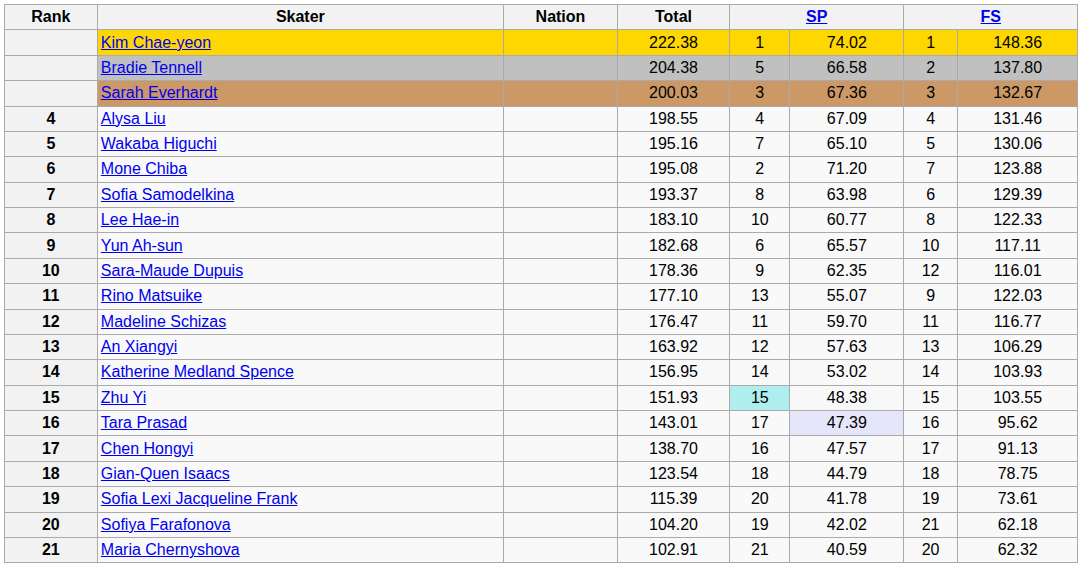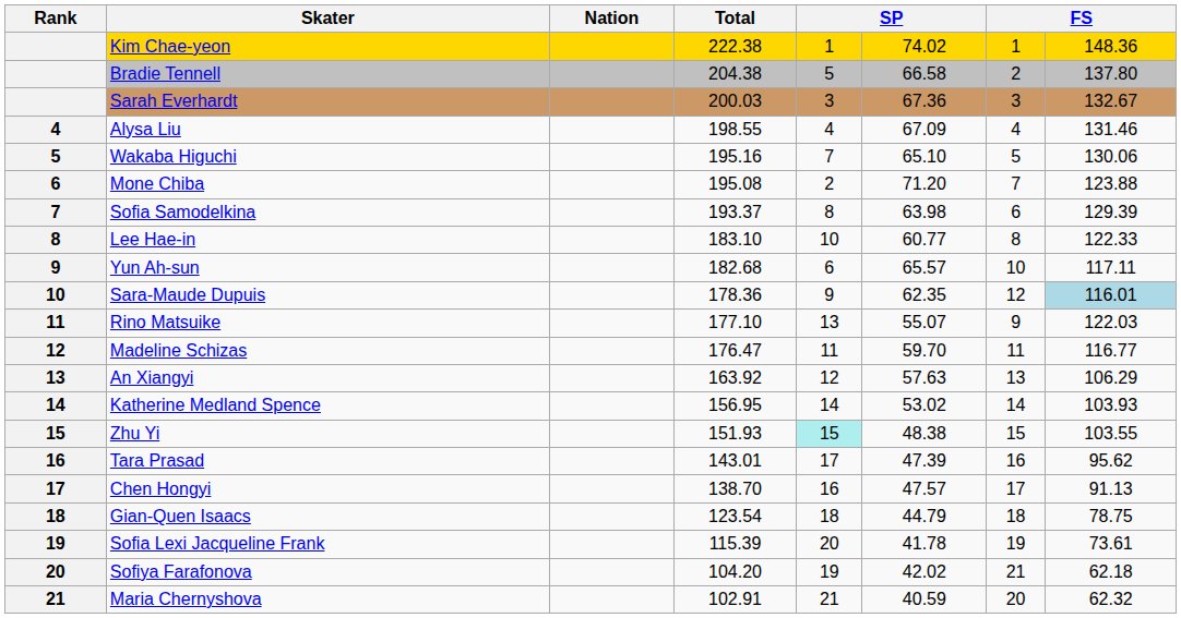 <table class="wikitable sortable" style="text-align:center; width:85%">
 <tr>
 <th scope="col">Rank</th>
 <th scope="col">Skater</th>
 <th scope="col">Nation</th>
 <th scope="col">Total</th>
 <th scope="col" colspan="2" width="80px"><a href='#'>SP</a></th>
 <th scope="col" colspan="2" width="80px"><a href='#'>FS</a></th>
 </tr>
 <tr bgcolor="gold">
 <th scope="row"></th>
 <td align="left"><a href='#'>Kim Chae-yeon</a></td>
 <td align="left"></td>
 <td>222.38</td>
 <td>1</td>
 <td>74.02</td>
 <td>1</td>
 <td>148.36</td>
 </tr>
 <tr bgcolor="silver">
 <th scope="row"></th>
 <td align="left"><a href='#'>Bradie Tennell</a></td>
 <td align="left"></td>
 <td>204.38</td>
 <td>5</td>
 <td>66.58</td>
 <td>2</td>
 <td>137.80</td>
 </tr>
 <tr bgcolor="#cc9966">
 <th scope="row"></th>
 <td align="left"><a href='#'>Sarah Everhardt</a></td>
 <td align="left"></td>
 <td>200.03</td>
 <td>3</td>
 <td>67.36</td>
 <td>3</td>
 <td>132.67</td>
 </tr>
 <tr>
 <th scope="row">4</th>
 <td align="left"><a href='#'>Alysa Liu</a></td>
 <td align="left"></td>
 <td>198.55</td>
 <td>4</td>
 <td>67.09</td>
 <td>4</td>
 <td>131.46</td>
 </tr>
 <tr>
 <th scope="row">5</th>
 <td align="left"><a href='#'>Wakaba Higuchi</a></td>
 <td align="left"></td>
 <td>195.16</td>
 <td>7</td>
 <td>65.10</td>
 <td>5</td>
 <td>130.06</td>
 </tr>
 <tr>
 <th scope="row">6</th>
 <td align="left"><a href='#'>Mone Chiba</a></td>
 <td align="left"></td>
 <td>195.08</td>
 <td>2</td>
 <td>71.20</td>
 <td>7</td>
 <td>123.88</td>
 </tr>
 <tr>
 <th scope="row">7</th>
 <td align="left"><a href='#'>Sofia Samodelkina</a></td>
 <td align="left"></td>
 <td>193.37</td>
 <td>8</td>
 <td>63.98</td>
 <td>6</td>
 <td>129.39</td>
 </tr>
 <tr>
 <th scope="row">8</th>
 <td align="left"><a href='#'>Lee Hae-in</a></td>
 <td align="left"></td>
 <td>183.10</td>
 <td>10</td>
 <td>60.77</td>
 <td>8</td>
 <td>122.33</td>
 </tr>
 <tr>
 <th scope="row">9</th>
 <td align="left"><a href='#'>Yun Ah-sun</a></td>
 <td align="left"></td>
 <td>182.68</td>
 <td>6</td>
 <td>65.57</td>
 <td>10</td>
 <td>117.11</td>
 </tr>
 <tr>
 <th scope="row">10</th>
 <td align="left"><a href='#'>Sara-Maude Dupuis</a></td>
 <td align="left"></td>
 <td>178.36</td>
 <td>9</td>
 <td>62.35</td>
 <td>12</td>
-<td>116.01</td>
+<td style="background: lightblue;">116.01</td>
 </tr>
 <tr>
 <th scope="row">11</th>
 <td align="left"><a href='#'>Rino Matsuike</a></td>
 <td align="left"></td>
 <td>177.10</td>
 <td>13</td>
 <td>55.07</td>
 <td>9</td>
 <td>122.03</td>
 </tr>
 <tr>
 <th scope="row">12</th>
 <td align="left"><a href='#'>Madeline Schizas</a></td>
 <td align="left"></td>
 <td>176.47</td>
 <td>11</td>
 <td>59.70</td>
 <td>11</td>
 <td>116.77</td>
 </tr>
 <tr>
 <th scope="row">13</th>
 <td align="left"><a href='#'>An Xiangyi</a></td>
 <td align="left"></td>
 <td>163.92</td>
 <td>12</td>
 <td>57.63</td>
 <td>13</td>
 <td>106.29</td>
 </tr>
 <tr>
 <th scope="row">14</th>
 <td align="left"><a href='#'>Katherine Medland Spence</a></td>
 <td align="left"></td>
 <td>156.95</td>
 <td>14</td>
 <td>53.02</td>
 <td>14</td>
 <td>103.93</td>
 </tr>
 <tr>
 <th scope="row">15</th>
 <td align="left"><a href='#'>Zhu Yi</a></td>
 <td align="left"></td>
 <td>151.93</td>
 <td style="background: paleturquoise;">15</td>
 <td>48.38</td>
 <td>15</td>
 <td>103.55</td>
 </tr>
 <tr>
 <th scope="row">16</th>
 <td align="left"><a href='#'>Tara Prasad</a></td>
 <td align="left"></td>
 <td>143.01</td>
 <td>17</td>
-<td style="background: lavender;">47.39</td>
+<td>47.39</td>
 <td>16</td>
 <td>95.62</td>
 </tr>
 <tr>
 <th scope="row">17</th>
 <td align="left"><a href='#'>Chen Hongyi</a></td>
 <td align="left"></td>
 <td>138.70</td>
 <td>16</td>
 <td>47.57</td>
 <td>17</td>
 <td>91.13</td>
 </tr>
 <tr>
 <th scope="row">18</th>
 <td align="left"><a href='#'>Gian-Quen Isaacs</a></td>
 <td align="left"></td>
 <td>123.54</td>
 <td>18</td>
 <td>44.79</td>
 <td>18</td>
 <td>78.75</td>
 </tr>
 <tr>
 <th scope="row">19</th>
 <td align="left"><a href='#'>Sofia Lexi Jacqueline Frank</a></td>
 <td align="left"></td>
 <td>115.39</td>
 <td>20</td>
 <td>41.78</td>
 <td>19</td>
 <td>73.61</td>
 </tr>
 <tr>
 <th scope="row">20</th>
 <td align="left"><a href='#'>Sofiya Farafonova</a></td>
 <td align="left"></td>
 <td>104.20</td>
 <td>19</td>
 <td>42.02</td>
 <td>21</td>
 <td>62.18</td>
 </tr>
 <tr>
 <th scope="row">21</th>
 <td align="left"><a href='#'>Maria Chernyshova</a></td>
 <td align="left"></td>
 <td>102.91</td>
 <td>21</td>
 <td>40.59</td>
 <td>20</td>
 <td>62.32</td>
 </tr>
 </table>
